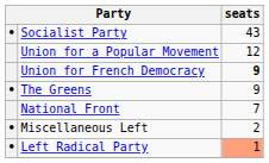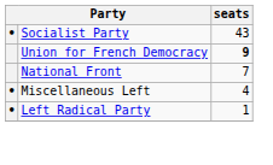 <table class="wikitable" style="font-size: 95%;">
 <tr>
 <th colspan=2>Party</th>
 <th>seats</th>
 </tr>
 <tr>
 <th style="background-color: "><span>•</span></th>
 <td><a href='#'>Socialist Party</a></td>
 <td align="right">43</td>
 </tr>
 <tr>
 <th style="background-color: "></th>
-<td><a href='#'>Union for a Popular Movement</a></td>
-<td align="right">12</td>
-</tr>
-<tr>
-<th style="background-color: "></th>
 <td><a href='#'>Union for French Democracy</a></td>
 <td align="right"><strong>9</strong></td>
-</tr>
-<tr>
-<th style="background-color: "><span>•</span></th>
-<td><a href='#'>The Greens</a></td>
-<td align="right">9</td>
 </tr>
 <tr>
 <th style="background-color: "></th>
 <td><a href='#'>National Front</a></td>
 <td align="right">7</td>
 </tr>
 <tr>
 <th style="background-color: "><span>•</span></th>
 <td>Miscellaneous Left</td>
-<td align="right">2</td>
+<td align="right">4</td>
 </tr>
 <tr>
 <th style="background-color: "><span>•</span></th>
 <td><a href='#'>Left Radical Party</a></td>
-<td align="right" style="background: lightsalmon;">1</td>
+<td align="right">1</td>
 </tr>
 <tr>
 </tr>
 </table>
